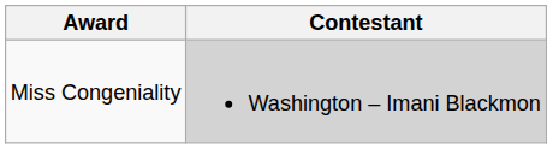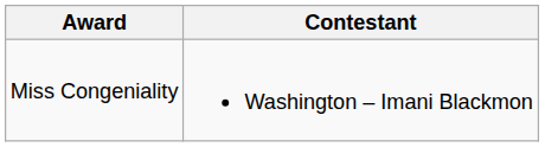 <table class="wikitable unsortable nowrap" style="font-size:95%;">
 <tr>
 <th>Award</th>
 <th>Contestant</th>
 </tr>
 <tr>
 <td>Miss Congeniality</td>
-<td style="background: lightgrey;"><br><ul><li>Washington – Imani Blackmon</li></ul></td>
+<td><br><ul><li>Washington – Imani Blackmon</li></ul></td>
 </tr>
 </table>
